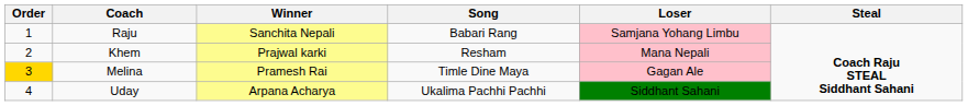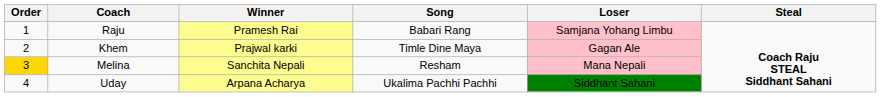 <table class="wikitable" style="text-align:center; width:100%;">
 <tr>
 <th scope="col" style="width:5%;">Order</th>
 <th scope="col" style="width:15%;">Coach</th>
 <th scope="col" style="width:20%;">Winner</th>
 <th scope="col" style="width:20%;">Song</th>
 <th scope="col" style="width:20%;">Loser</th>
 <th scope="col" style="width:20%;">Steal</th>
 </tr>
 <tr>
 <td scope="row">1</td>
 <td>Raju</td>
-<td style="background:#fdfc8f;">Sanchita Nepali</td>
+<td style="background:#fdfc8f;">Pramesh Rai</td>
 <td>Babari Rang</td>
 <td style="background:pink;">Samjana Yohang Limbu</td>
 <td rowspan="4"><br><br><strong>Coach Raju</strong> <br><strong>STEAL</strong> <br><strong>Siddhant Sahani</strong></td>
 </tr>
 <tr>
 <td scope="row">2</td>
 <td>Khem</td>
 <td style="background:#fdfc8f;">Prajwal karki</td>
-<td>Resham</td>
-<td style="background:pink;">Mana Nepali</td>
+<td>Timle Dine Maya</td>
+<td style="background:pink;">Gagan Ale</td>
 </tr>
 <tr>
 <td scope="row" style="background: gold;">3</td>
 <td>Melina</td>
-<td style="background:#fdfc8f;">Pramesh Rai</td>
-<td>Timle Dine Maya</td>
-<td style="background:pink;">Gagan Ale</td>
+<td style="background:#fdfc8f;">Sanchita Nepali</td>
+<td>Resham</td>
+<td style="background:pink;">Mana Nepali</td>
 </tr>
 <tr>
 <td scope="row">4</td>
 <td>Uday</td>
 <td style="background:#fdfc8f;">Arpana Acharya</td>
 <td>Ukalima Pachhi Pachhi</td>
 <td style="background:Green;">Siddhant Sahani</td>
 </tr>
 </table>
